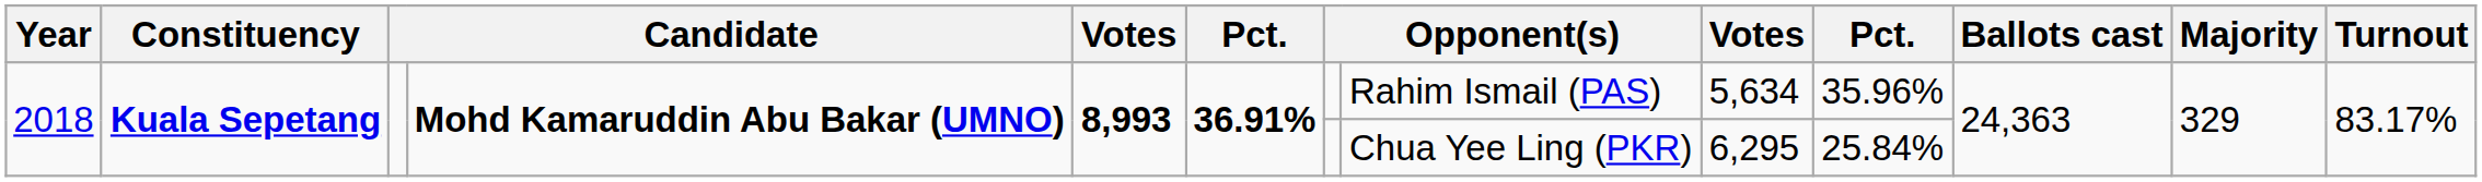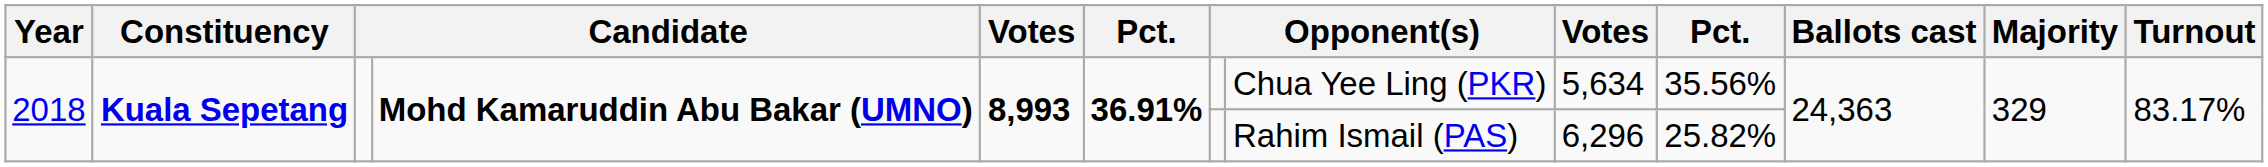 <table class="wikitable" style="margin:0.5em ; font-size:95%">
 <tr>
 <th>Year</th>
 <th>Constituency</th>
 <th colspan="2">Candidate</th>
 <th>Votes</th>
 <th>Pct.</th>
 <th colspan="2">Opponent(s)</th>
 <th>Votes</th>
 <th>Pct.</th>
 <th>Ballots cast</th>
 <th>Majority</th>
 <th>Turnout</th>
 </tr>
 <tr>
 <td rowspan="2"><a href='#'>2018</a></td>
 <td rowspan="2"><strong><a href='#'>Kuala Sepetang</a></strong></td>
 <td rowspan="2" ></td>
 <td rowspan="2"><strong>Mohd Kamaruddin Abu Bakar (<a href='#'>UMNO</a>)</strong></td>
 <td rowspan="2"><strong>8,993</strong></td>
 <td rowspan="2"><strong>36.91%</strong></td>
 <td></td>
-<td>Rahim Ismail (<a href='#'>PAS</a>)</td>
+<td>Chua Yee Ling (<a href='#'>PKR</a>)</td>
 <td>5,634</td>
-<td>35.96%</td>
+<td>35.56%</td>
 <td rowspan="2">24,363</td>
 <td rowspan="2">329</td>
 <td rowspan="2">83.17%</td>
 </tr>
 <tr>
 <td></td>
-<td>Chua Yee Ling (<a href='#'>PKR</a>)</td>
-<td>6,295</td>
-<td>25.84%</td>
+<td>Rahim Ismail (<a href='#'>PAS</a>)</td>
+<td>6,296</td>
+<td>25.82%</td>
 </tr>
 </table>
